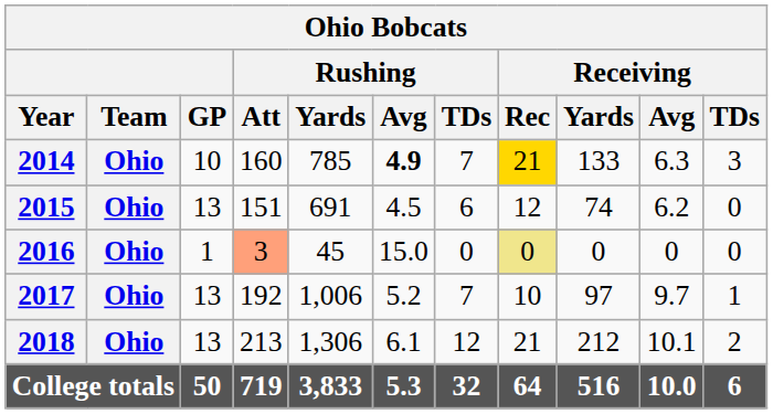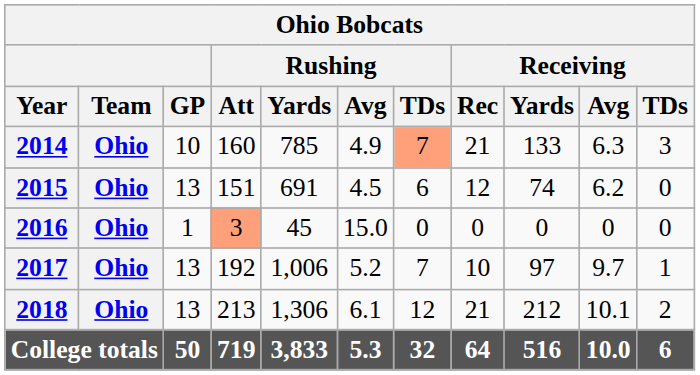 <table class="wikitable" style="text-align:center;">
 <tr>
 <th colspan="16">Ohio Bobcats</th>
 </tr>
 <tr>
 <th colspan=3></th>
 <th colspan=4>Rushing</th>
 <th colspan=4>Receiving</th>
 </tr>
 <tr>
 <th>Year</th>
 <th>Team</th>
 <th>GP</th>
 <th>Att</th>
 <th>Yards</th>
 <th>Avg</th>
 <th>TDs</th>
 <th>Rec</th>
 <th>Yards</th>
 <th>Avg</th>
 <th>TDs</th>
 </tr>
 <tr>
 <th><a href='#'>2014</a></th>
 <th><a href='#'>Ohio</a></th>
 <td>10</td>
 <td>160</td>
 <td>785</td>
-<td><strong>4.9</strong></td>
-<td>7</td>
-<td style="background: gold;">21</td>
+<td>4.9</td>
+<td style="background: lightsalmon;">7</td>
+<td>21</td>
 <td>133</td>
 <td>6.3</td>
 <td>3</td>
 </tr>
 <tr>
 <th><a href='#'>2015</a></th>
 <th><a href='#'>Ohio</a></th>
 <td>13</td>
 <td>151</td>
 <td>691</td>
 <td>4.5</td>
 <td>6</td>
 <td>12</td>
 <td>74</td>
 <td>6.2</td>
 <td>0</td>
 </tr>
 <tr>
 <th><a href='#'>2016</a></th>
 <th><a href='#'>Ohio</a></th>
 <td>1</td>
 <td style="background: lightsalmon;">3</td>
 <td>45</td>
 <td>15.0</td>
 <td>0</td>
-<td style="background: khaki;">0</td>
+<td>0</td>
 <td>0</td>
 <td>0</td>
 <td>0</td>
 </tr>
 <tr>
 <th><a href='#'>2017</a></th>
 <th><a href='#'>Ohio</a></th>
 <td>13</td>
 <td>192</td>
 <td>1,006</td>
 <td>5.2</td>
 <td>7</td>
 <td>10</td>
 <td>97</td>
 <td>9.7</td>
 <td>1</td>
 </tr>
 <tr>
 <th><a href='#'>2018</a></th>
 <th><a href='#'>Ohio</a></th>
 <td>13</td>
 <td>213</td>
 <td>1,306</td>
 <td>6.1</td>
 <td>12</td>
 <td>21</td>
 <td>212</td>
 <td>10.1</td>
 <td>2</td>
 </tr>
 <tr style="background:#555; font-weight:bold; color:white;">
 <td colspan=2>College totals</td>
 <td>50</td>
 <td>719</td>
 <td>3,833</td>
 <td>5.3</td>
 <td>32</td>
 <td>64</td>
 <td>516</td>
 <td>10.0</td>
 <td>6</td>
 </tr>
 </table>
